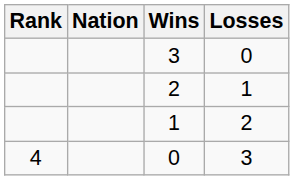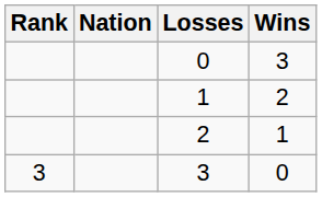 <table class="wikitable" style="text-align:center">
 <tr>
 <th>Rank</th>
 <th>Nation</th>
+<th>Losses</th>
 <th>Wins</th>
-<th>Losses</th>
 </tr>
 <tr>
 <td></td>
 <td align=left></td>
+<td>0</td>
 <td>3</td>
-<td>0</td>
+</tr>
+<tr>
+<td></td>
+<td align=left></td>
+<td>1</td>
+<td>2</td>
 </tr>
 <tr>
 <td></td>
 <td align=left></td>
 <td>2</td>
 <td>1</td>
 </tr>
 <tr>
-<td></td>
+<td>3</td>
 <td align=left></td>
-<td>1</td>
-<td>2</td>
-</tr>
-<tr>
-<td>4</td>
-<td align=left></td>
+<td>3</td>
 <td>0</td>
-<td>3</td>
 </tr>
 </table>
